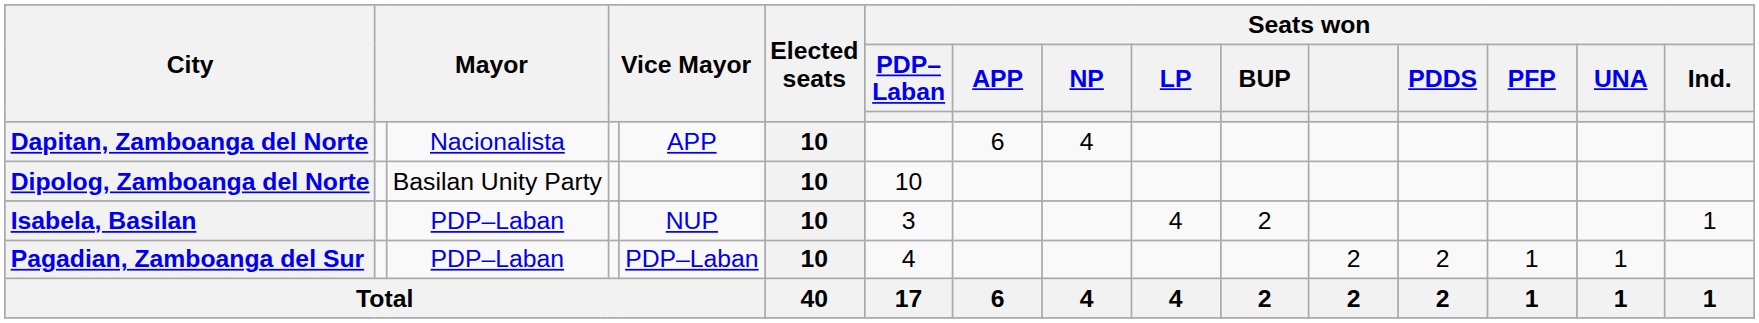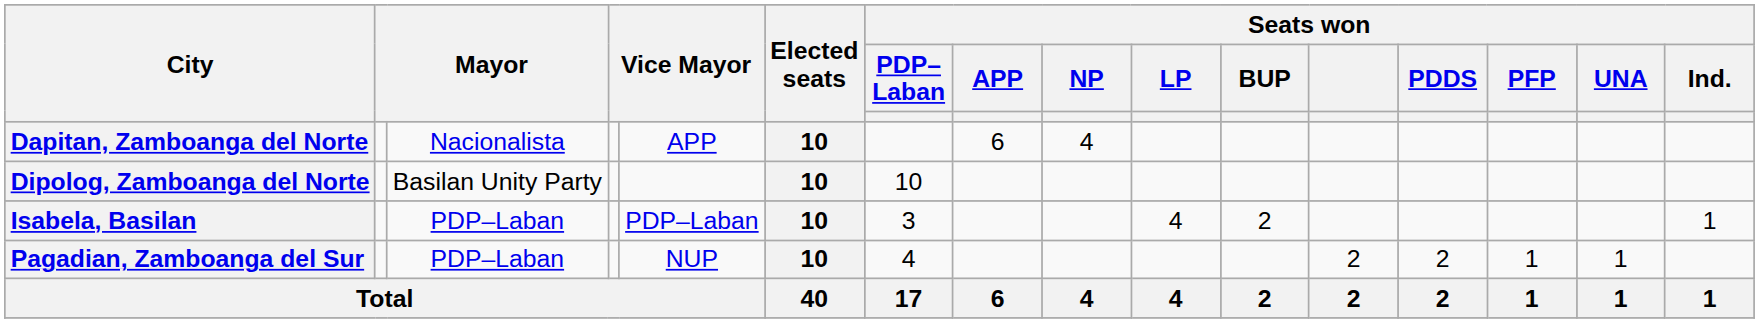 <table class="wikitable" style="text-align:center; font-size: 0.9em;">
 <tr>
 <th rowspan="3">City</th>
 <th colspan="2" rowspan="3" style="width:60px;">Mayor</th>
 <th colspan="2" rowspan="3" style="width:60px;">Vice Mayor</th>
 <th rowspan="3">Elected<br>seats</th>
 <th colspan="10">Seats won</th>
 </tr>
 <tr>
 <th class="unsortable" style="width:45px;"><a href='#'>PDP–Laban</a></th>
 <th class="unsortable" style="width:45px;"><a href='#'>APP</a></th>
 <th class="unsortable" style="width:45px;"><a href='#'>NP</a></th>
 <th class="unsortable" style="width:45px;"><a href='#'>LP</a></th>
 <th class="unsortable" style="width:45px;">BUP</th>
 <th class="unsortable" style="width:45px;"></th>
 <th class="unsortable" style="width:45px;"><a href='#'>PDDS</a></th>
 <th class="unsortable" style="width:45px;"><a href='#'>PFP</a></th>
 <th class="unsortable" style="width:45px;"><a href='#'>UNA</a></th>
 <th class="unsortable" style="width:45px;">Ind.</th>
 </tr>
 <tr>
 <th style="color:inherit;background:"></th>
 <th style="color:inherit;background:"></th>
 <th style="color:inherit;background:"></th>
 <th style="color:inherit;background:"></th>
 <th style="color:inherit;background:"></th>
 <th style="color:inherit;background:"></th>
 <th style="color:inherit;background:"></th>
 <th style="color:inherit;background:"></th>
 <th style="color:inherit;background:"></th>
 <th style="color:inherit;background:"></th>
 </tr>
 <tr>
 <th style="text-align: left;"><a href='#'>Dapitan, Zamboanga del Norte</a></th>
 <td style="color:inherit;background:"></td>
 <td><a href='#'>Nacionalista</a></td>
 <td style="color:inherit;background:"></td>
 <td><a href='#'>APP</a></td>
 <th>10</th>
 <td></td>
 <td>6</td>
 <td>4</td>
 <td></td>
 <td></td>
 <td></td>
 <td></td>
 <td></td>
 <td></td>
 <td></td>
 </tr>
 <tr>
 <th style="text-align: left;"><a href='#'>Dipolog, Zamboanga del Norte</a></th>
 <td style="color:inherit;background:"></td>
 <td>Basilan Unity Party</td>
 <td style="color:inherit;background:"></td>
 <td></td>
 <th>10</th>
 <td>10</td>
 <td></td>
 <td></td>
 <td></td>
 <td></td>
 <td></td>
 <td></td>
 <td></td>
 <td></td>
 <td></td>
 </tr>
 <tr>
 <th style="text-align: left;"><a href='#'>Isabela, Basilan</a></th>
 <td style="color:inherit;background:"></td>
 <td><a href='#'>PDP–Laban</a></td>
 <td style="color:inherit;background:"></td>
-<td><a href='#'>NUP</a></td>
+<td><a href='#'>PDP–Laban</a></td>
 <th>10</th>
 <td>3</td>
 <td></td>
 <td></td>
 <td>4</td>
 <td>2</td>
 <td></td>
 <td></td>
 <td></td>
 <td></td>
 <td>1</td>
 </tr>
 <tr>
 <th style="text-align: left;"><a href='#'>Pagadian, Zamboanga del Sur</a></th>
 <td style="color:inherit;background:"></td>
 <td><a href='#'>PDP–Laban</a></td>
 <td style="color:inherit;background:"></td>
-<td><a href='#'>PDP–Laban</a></td>
+<td><a href='#'>NUP</a></td>
 <th>10</th>
 <td>4</td>
 <td></td>
 <td></td>
 <td></td>
 <td></td>
 <td>2</td>
 <td>2</td>
 <td>1</td>
 <td>1</td>
 <td></td>
 </tr>
 <tr>
 <th colspan="5">Total</th>
 <th>40</th>
 <th>17</th>
 <th>6</th>
 <th>4</th>
 <th>4</th>
 <th>2</th>
 <th>2</th>
 <th>2</th>
 <th>1</th>
 <th>1</th>
 <th>1</th>
 </tr>
 </table>
